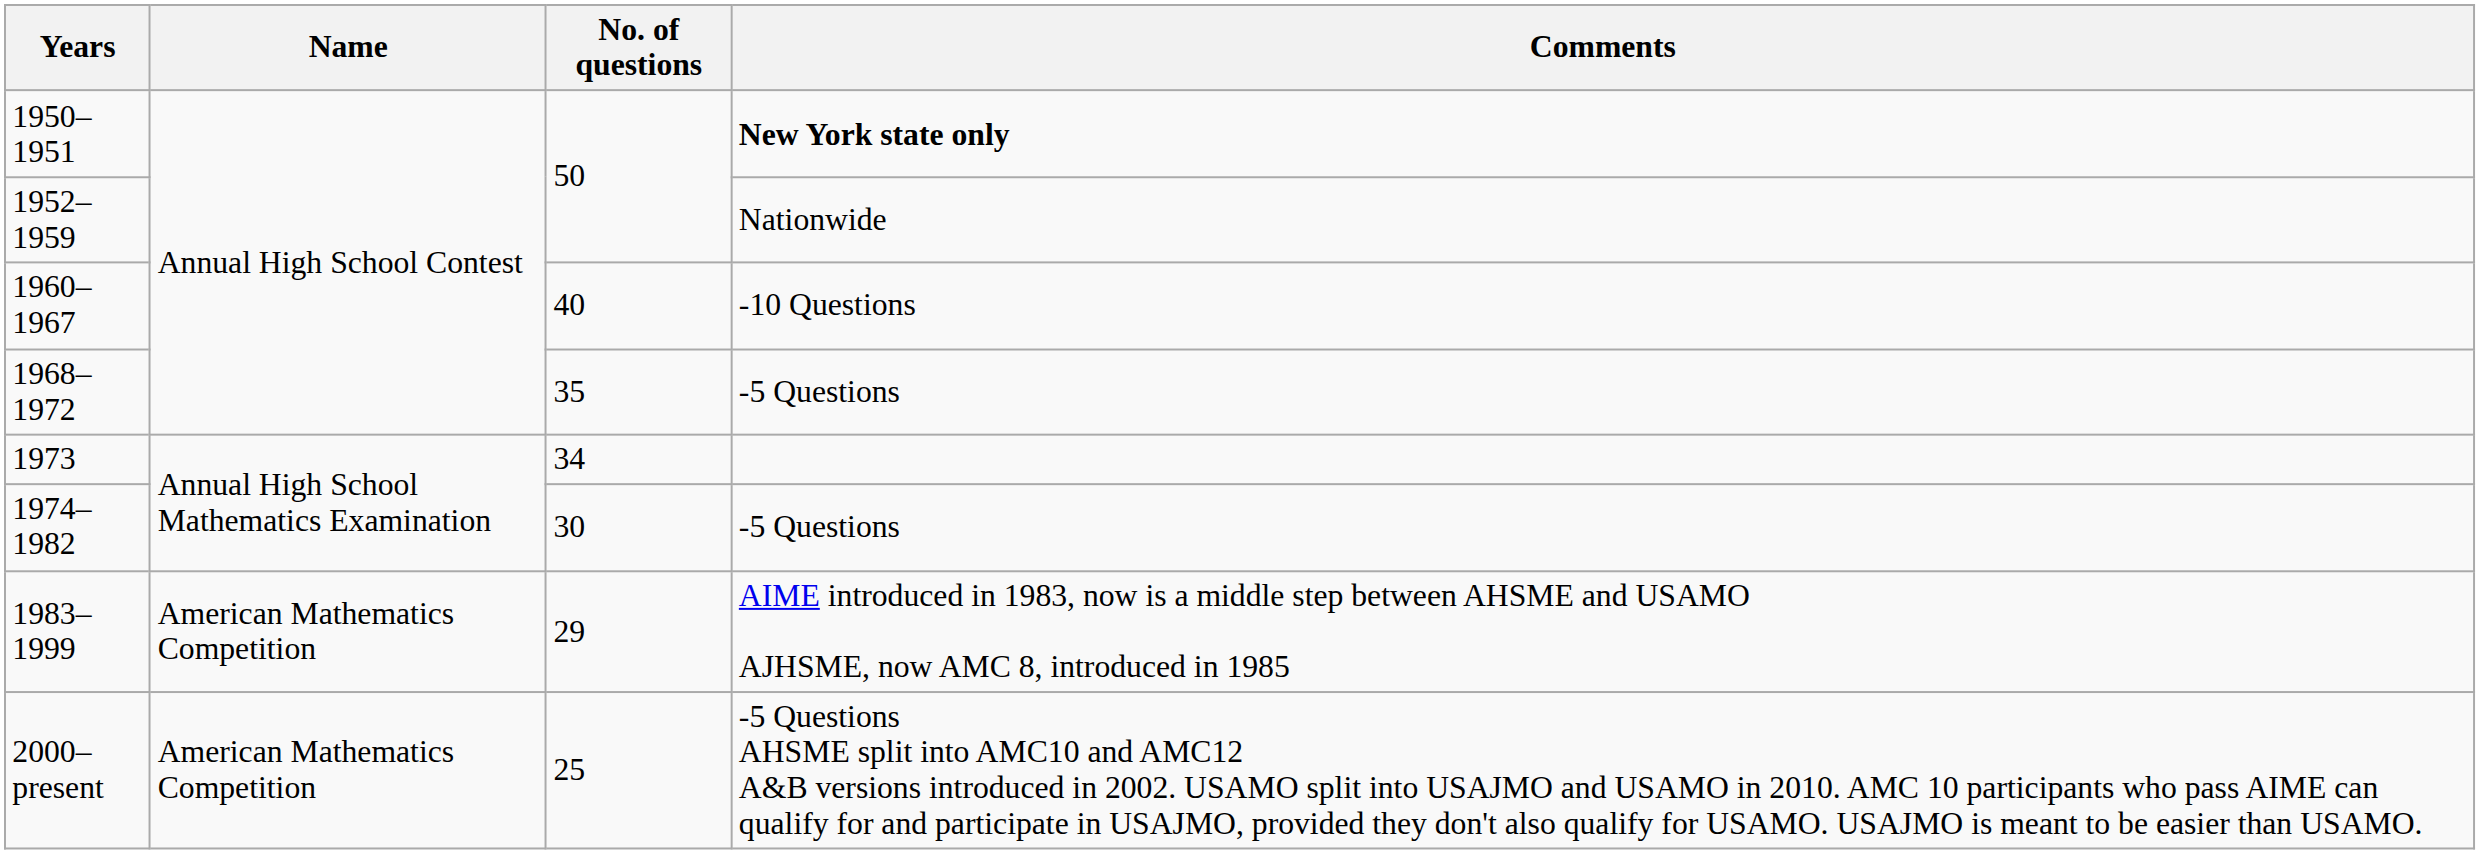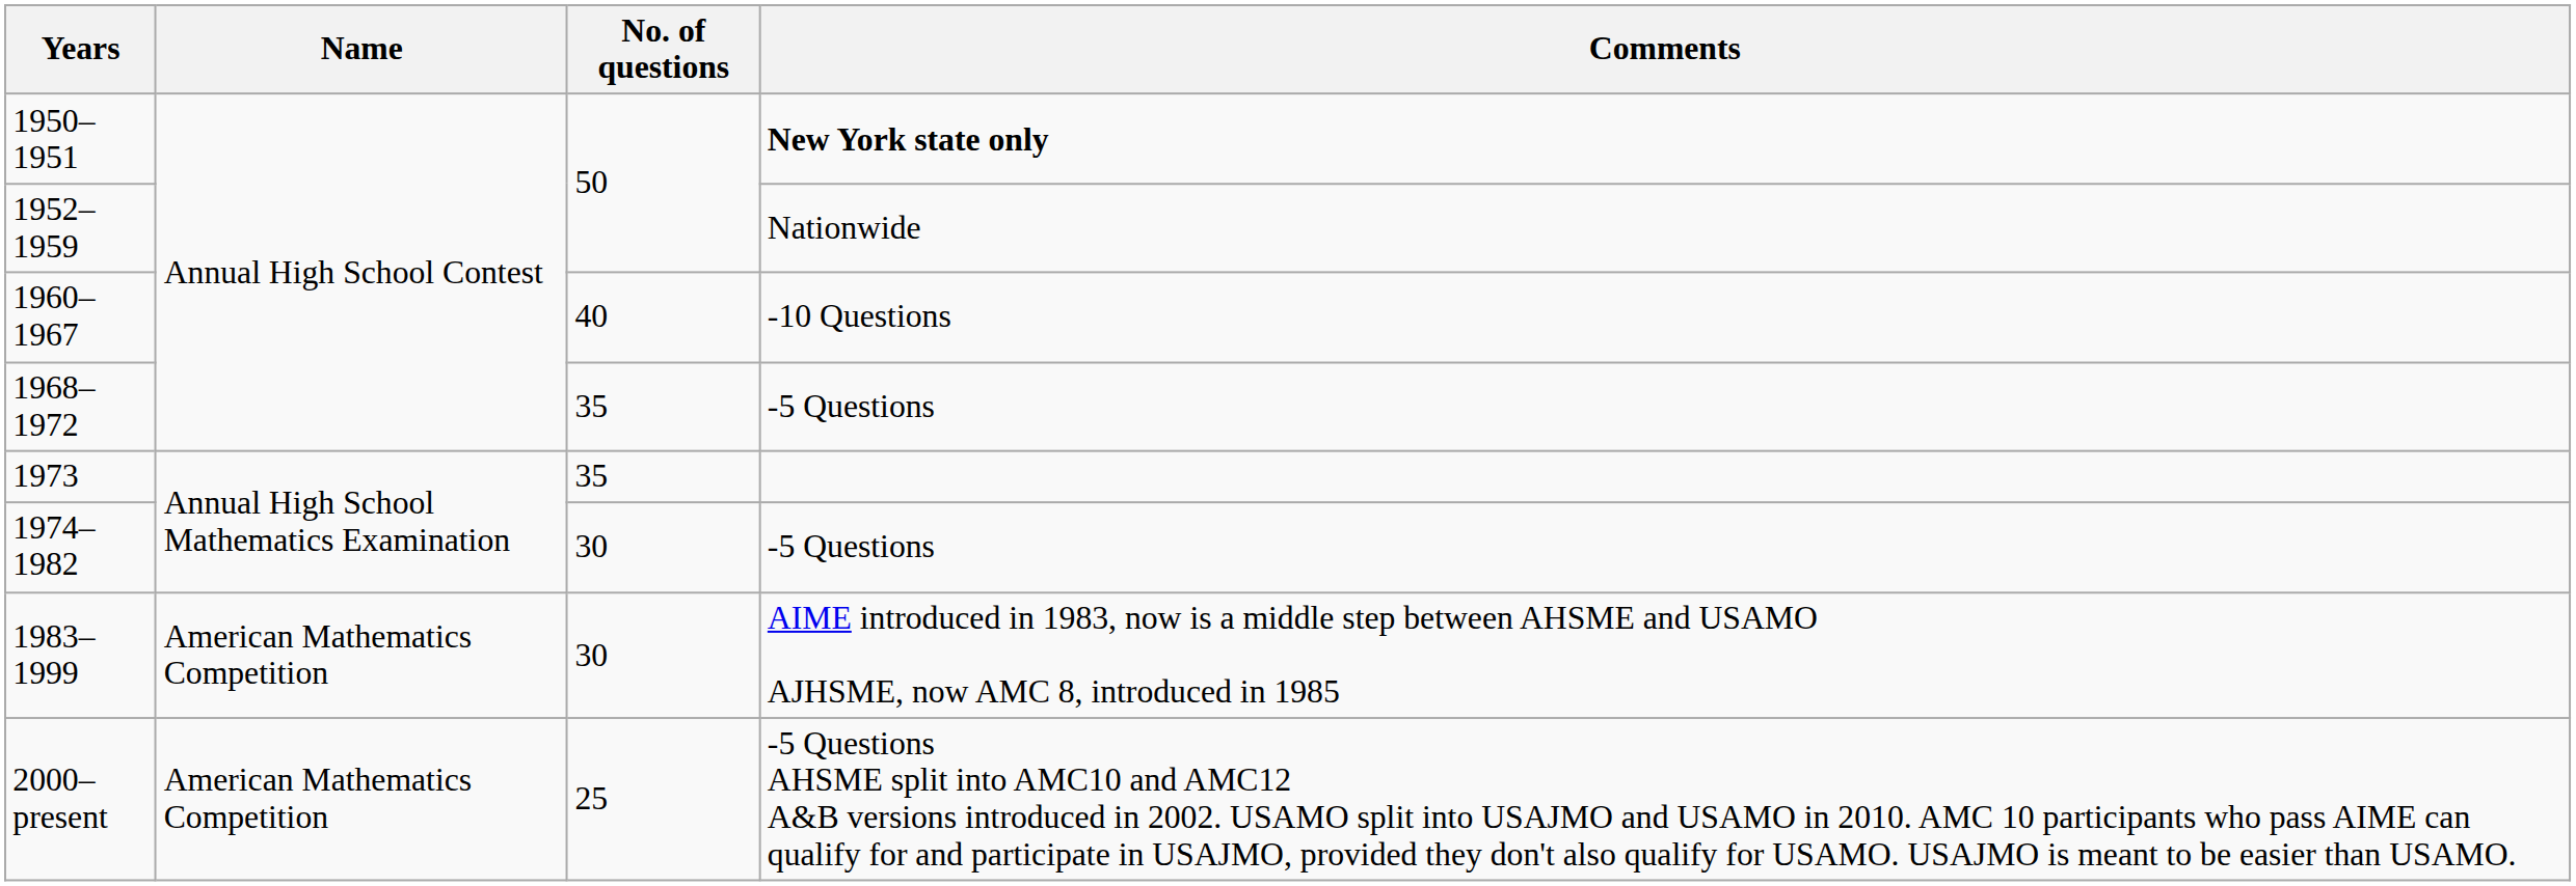 <table class=wikitable>
 <tr>
 <th>Years</th>
 <th>Name</th>
 <th>No. of questions</th>
 <th>Comments</th>
 </tr>
 <tr>
 <td>1950–1951</td>
 <td rowspan="4">Annual High School Contest</td>
 <td rowspan="2">50</td>
 <td><strong>New York state only</strong></td>
 </tr>
 <tr>
 <td>1952–1959</td>
 <td>Nationwide</td>
 </tr>
 <tr>
 <td>1960–1967</td>
 <td>40</td>
 <td>-10 Questions</td>
 </tr>
 <tr>
 <td>1968–1972</td>
 <td>35</td>
 <td>-5 Questions</td>
 </tr>
 <tr>
 <td>1973</td>
 <td rowspan="2">Annual High School Mathematics Examination</td>
-<td>34</td>
+<td>35</td>
 <td> </td>
 </tr>
 <tr>
 <td>1974–1982</td>
 <td>30</td>
 <td>-5 Questions</td>
 </tr>
 <tr>
 <td>1983–1999</td>
 <td>American Mathematics Competition</td>
-<td>29</td>
+<td>30</td>
 <td><a href='#'>AIME</a> introduced in 1983, now is a middle step between AHSME and USAMO<br><br>AJHSME, now AMC 8, introduced in 1985</td>
 </tr>
 <tr>
 <td>2000–present</td>
 <td>American Mathematics Competition</td>
 <td>25</td>
 <td>-5 Questions<br>AHSME split into AMC10 and AMC12<br>A&B versions introduced in 2002. USAMO split into USAJMO and USAMO in 2010. AMC 10 participants who pass AIME can qualify for and participate in USAJMO, provided they don't also qualify for USAMO. USAJMO is meant to be easier than USAMO.</td>
 </tr>
 </table>
